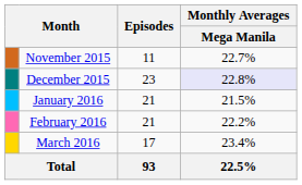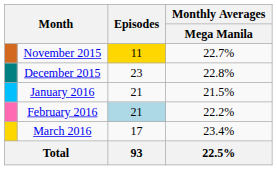 <table class="wikitable plainrowheaders" style="text-align: center; line-height:25px;">
 <tr class="wikitable" style="text-align: center;">
 <th colspan="2" rowspan="2" style="padding: 0 8px;">Month</th>
 <th rowspan="2" style="padding: 0 8px;">Episodes</th>
 <th colspan="2" style="padding: 0 8px;">Monthly Averages</th>
 </tr>
 <tr>
 <th style="padding: 0 8px;">Mega Manila</th>
 </tr>
 <tr>
 <td style="padding: 0 8px; background:#D2691E;"></td>
 <td style="padding: 0 8px;" '><a href='#'>November 2015</a></td>
-<td style="padding: 0 8px;">11</td>
+<td style="background: gold; padding: 0 8px;">11</td>
 <td style="padding: 0 8px;">22.7%</td>
 </tr>
 <tr>
 <td style="padding: 0 8px; background:#008080;"></td>
 <td style="padding: 0 8px;" '><a href='#'>December 2015</a></td>
 <td style="padding: 0 8px;">23</td>
-<td style="background: lavender; padding: 0 8px;">22.8%</td>
+<td style="padding: 0 8px;">22.8%</td>
 </tr>
 <tr>
 <td style="padding: 0 8px; background:#00BFFF;"></td>
 <td style="padding: 0 8px;" '><a href='#'>January 2016</a></td>
 <td style="padding: 0 8px;">21</td>
 <td style="padding: 0 8px;">21.5%</td>
 </tr>
 <tr>
 <td style="padding: 0 8px; background:#FF69B4;"></td>
 <td style="padding: 0 8px;" '><a href='#'>February 2016</a></td>
-<td style="padding: 0 8px;">21</td>
+<td style="background: lightblue; padding: 0 8px;">21</td>
 <td style="padding: 0 8px;">22.2%</td>
 </tr>
 <tr>
 <td style="padding: 0 8px; background:#FFD700;"></td>
 <td style="padding: 0 8px;" '><a href='#'>March 2016</a></td>
 <td style="padding: 0 8px;">17</td>
 <td style="padding: 0 8px;">23.4%</td>
 </tr>
 <tr>
 <th colspan="2">Total</th>
 <th colspan="1">93</th>
 <th colspan="2">22.5%</th>
 </tr>
 </table>
